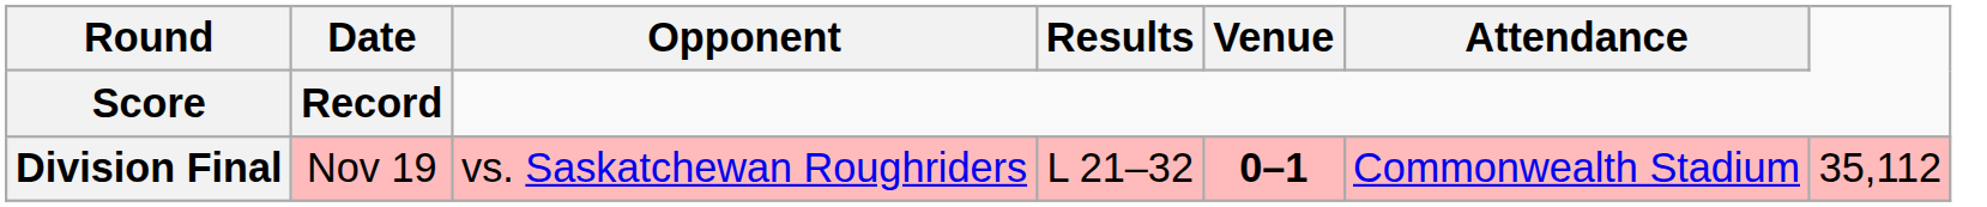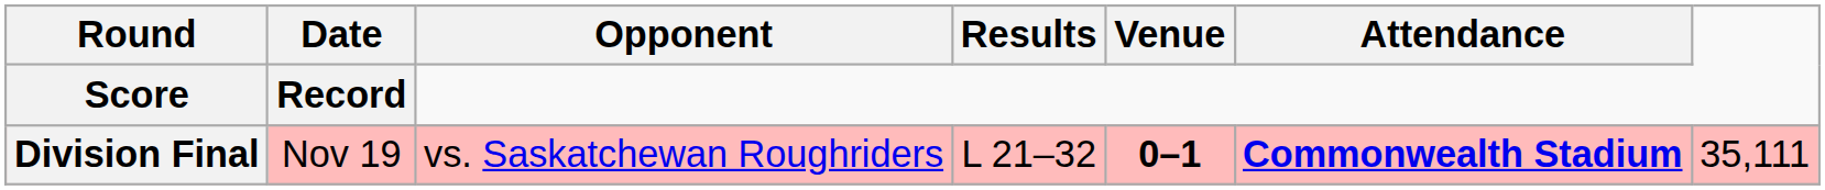 <table class="wikitable" style="text-align:center">
 <tr>
 <th>Round</th>
 <th>Date</th>
 <th>Opponent</th>
 <th>Results</th>
 <th>Venue</th>
 <th>Attendance</th>
 </tr>
 <tr>
 <th>Score</th>
 <th>Record</th>
 </tr>
 <tr style="background:#ffbbbb">
 <th>Division Final</th>
 <td>Nov 19</td>
 <td>vs. <a href='#'>Saskatchewan Roughriders</a></td>
 <td>L 21–32</td>
 <td><strong>0–1</strong></td>
-<td><a href='#'>Commonwealth Stadium</a></td>
-<td>35,112</td>
+<td><strong><a href='#'>Commonwealth Stadium</a></strong></td>
+<td>35,111</td>
 </tr>
 </table>
